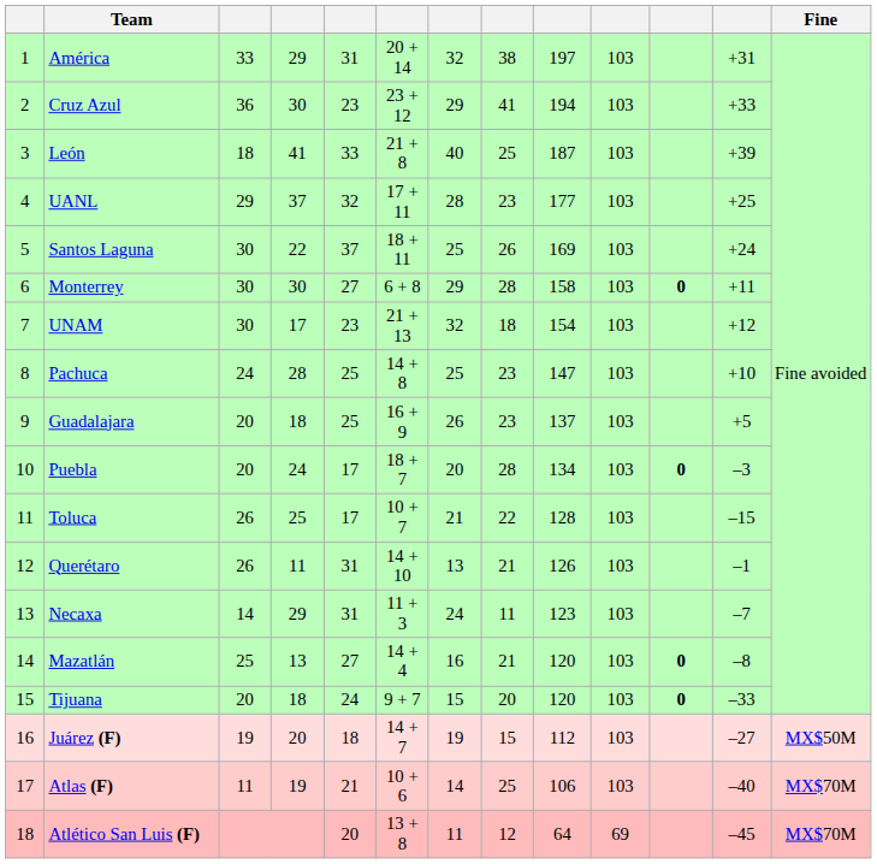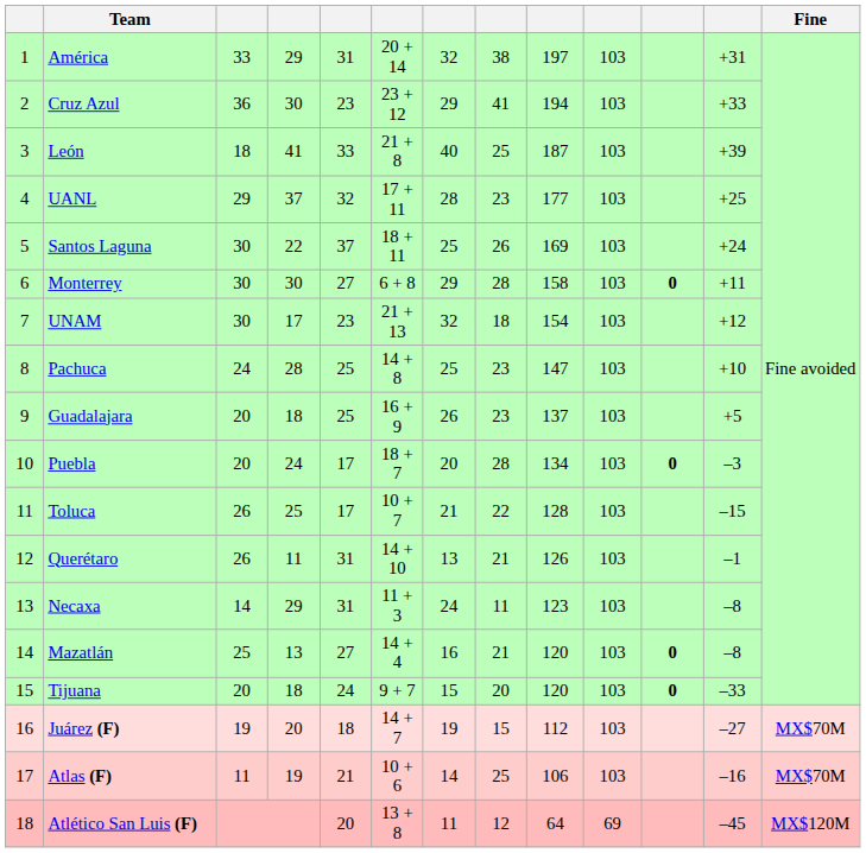 <table class="wikitable sortable" style="text-align: center;">
 <tr>
 <th width=28><br></th>
 <th width=150>Team</th>
 <th width=40></th>
 <th width=40></th>
 <th width=40></th>
 <th width=40></th>
 <th width=40></th>
 <th width=40></th>
 <th width=45></th>
 <th width=45></th>
 <th width=50><br></th>
 <th width=45><br></th>
 <th>Fine</th>
 </tr>
 <tr style="text-align:center;background:#BBFFBB;">
 <td>1</td>
 <td align=left><a href='#'>América</a></td>
 <td>33</td>
 <td>29</td>
 <td>31</td>
 <td>20 + 14</td>
 <td>32</td>
 <td>38</td>
 <td>197</td>
 <td>103</td>
 <td><strong></strong></td>
 <td>+31</td>
 <td align=center rowspan=15>Fine avoided</td>
 </tr>
 <tr style="text-align:center;background:#BBFFBB;">
 <td>2</td>
 <td align=left><a href='#'>Cruz Azul</a></td>
 <td>36</td>
 <td>30</td>
 <td>23</td>
 <td>23 + 12</td>
 <td>29</td>
 <td>41</td>
 <td>194</td>
 <td>103</td>
 <td><strong></strong></td>
 <td>+33</td>
 </tr>
 <tr style="text-align:center; background:#BBFFBB;">
 <td>3</td>
 <td align=left><a href='#'>León</a></td>
 <td>18</td>
 <td>41</td>
 <td>33</td>
 <td>21 + 8</td>
 <td>40</td>
 <td>25</td>
 <td>187</td>
 <td>103</td>
 <td><strong></strong></td>
 <td>+39</td>
 </tr>
 <tr style="text-align:center; background:#BBFFBB;">
 <td>4</td>
 <td align=left><a href='#'>UANL</a></td>
 <td>29</td>
 <td>37</td>
 <td>32</td>
 <td>17 + 11</td>
 <td>28</td>
 <td>23</td>
 <td>177</td>
 <td>103</td>
 <td><strong></strong></td>
 <td>+25</td>
 </tr>
 <tr style="text-align:center; background:#BBFFBB;">
 <td>5</td>
 <td align=left><a href='#'>Santos Laguna</a></td>
 <td>30</td>
 <td>22</td>
 <td>37</td>
 <td>18 + 11</td>
 <td>25</td>
 <td>26</td>
 <td>169</td>
 <td>103</td>
 <td><strong></strong></td>
 <td>+24</td>
 </tr>
 <tr style="text-align:center;background:#BBFFBB;">
 <td>6</td>
 <td align=left><a href='#'>Monterrey</a></td>
 <td>30</td>
 <td>30</td>
 <td>27</td>
 <td>6 + 8</td>
 <td>29</td>
 <td>28</td>
 <td>158</td>
 <td>103</td>
 <td><strong>0</strong></td>
 <td>+11</td>
 </tr>
 <tr style="text-align:center;background:#BBFFBB;">
 <td>7</td>
 <td align=left><a href='#'>UNAM</a></td>
 <td>30</td>
 <td>17</td>
 <td>23</td>
 <td>21 + 13</td>
 <td>32</td>
 <td>18</td>
 <td>154</td>
 <td>103</td>
 <td><strong></strong></td>
 <td>+12</td>
 </tr>
 <tr style="text-align:center; background:#BBFFBB;">
 <td>8</td>
 <td align=left><a href='#'>Pachuca</a></td>
 <td>24</td>
 <td>28</td>
 <td>25</td>
 <td>14 + 8</td>
 <td>25</td>
 <td>23</td>
 <td>147</td>
 <td>103</td>
 <td><strong></strong></td>
 <td>+10</td>
 </tr>
 <tr style="text-align:center; background:#BBFFBB;">
 <td>9</td>
 <td align=left><a href='#'>Guadalajara</a></td>
 <td>20</td>
 <td>18</td>
 <td>25</td>
 <td>16 + 9</td>
 <td>26</td>
 <td>23</td>
 <td>137</td>
 <td>103</td>
 <td><strong></strong></td>
 <td>+5</td>
 </tr>
 <tr style="text-align:center;background:#BBFFBB;">
 <td>10</td>
 <td align=left><a href='#'>Puebla</a></td>
 <td>20</td>
 <td>24</td>
 <td>17</td>
 <td>18 + 7</td>
 <td>20</td>
 <td>28</td>
 <td>134</td>
 <td>103</td>
 <td><strong>0</strong></td>
 <td>–3</td>
 </tr>
 <tr style="text-align:center; background:#BBFFBB;">
 <td>11</td>
 <td align=left><a href='#'>Toluca</a></td>
 <td>26</td>
 <td>25</td>
 <td>17</td>
 <td>10 + 7</td>
 <td>21</td>
 <td>22</td>
 <td>128</td>
 <td>103</td>
 <td><strong></strong></td>
 <td>–15</td>
 </tr>
 <tr style="text-align:center; background:#BBFFBB;">
 <td>12</td>
 <td align=left><a href='#'>Querétaro</a></td>
 <td>26</td>
 <td>11</td>
 <td>31</td>
 <td>14 + 10</td>
 <td>13</td>
 <td>21</td>
 <td>126</td>
 <td>103</td>
 <td><strong></strong></td>
 <td>–1</td>
 </tr>
 <tr style="text-align:center; background:#BBFFBB;">
 <td>13</td>
 <td align=left><a href='#'>Necaxa</a></td>
 <td>14</td>
 <td>29</td>
 <td>31</td>
 <td>11 + 3</td>
 <td>24</td>
 <td>11</td>
 <td>123</td>
 <td>103</td>
 <td><strong></strong></td>
-<td>–7</td>
+<td>–8</td>
 </tr>
 <tr style="text-align:center; background:#BBFFBB;">
 <td>14</td>
 <td align=left><a href='#'>Mazatlán</a></td>
 <td>25</td>
 <td>13</td>
 <td>27</td>
 <td>14 + 4</td>
 <td>16</td>
 <td>21</td>
 <td>120</td>
 <td>103</td>
 <td><strong>0</strong></td>
 <td>–8</td>
 </tr>
 <tr style="text-align:center; background:#BBFFBB;">
 <td>15</td>
 <td align=left><a href='#'>Tijuana</a></td>
 <td>20</td>
 <td>18</td>
 <td>24</td>
 <td>9 + 7</td>
 <td>15</td>
 <td>20</td>
 <td>120</td>
 <td>103</td>
 <td><strong>0</strong></td>
 <td>–33</td>
 </tr>
 <tr style="text-align:center;background:#FFDDDD;">
 <td>16</td>
 <td align=left><a href='#'>Juárez</a> <strong>(F)</strong></td>
 <td>19</td>
 <td>20</td>
 <td>18</td>
 <td>14 + 7</td>
 <td>19</td>
 <td>15</td>
 <td>112</td>
 <td>103</td>
 <td><strong></strong></td>
 <td>–27</td>
-<td><a href='#'>MX$</a>50M</td>
+<td><a href='#'>MX$</a>70M</td>
 </tr>
 <tr style="text-align:center;background:#FFCCCC;">
 <td>17</td>
 <td align=left><a href='#'>Atlas</a> <strong>(F)</strong></td>
 <td>11</td>
 <td>19</td>
 <td>21</td>
 <td>10 + 6</td>
 <td>14</td>
 <td>25</td>
 <td>106</td>
 <td>103</td>
 <td><strong></strong></td>
-<td>–40</td>
+<td>–16</td>
 <td><a href='#'>MX$</a>70M</td>
 </tr>
 <tr style="text-align:center;background:#FFBBBB;">
 <td>18</td>
 <td align=left><a href='#'>Atlético San Luis</a> <strong>(F)</strong></td>
 <td colspan=2></td>
 <td>20</td>
 <td>13 + 8</td>
 <td>11</td>
 <td>12</td>
 <td>64</td>
 <td>69</td>
 <td><strong></strong></td>
 <td>–45</td>
-<td><a href='#'>MX$</a>70M</td>
+<td><a href='#'>MX$</a>120M</td>
 </tr>
 </table>
